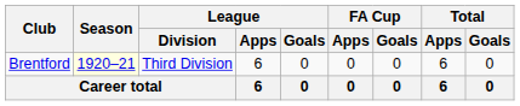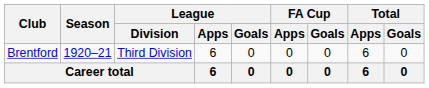 <table class="wikitable" style="text-align: center;">
 <tr>
 <th rowspan="2">Club</th>
 <th rowspan="2">Season</th>
 <th colspan="3">League</th>
 <th colspan="2">FA Cup</th>
 <th colspan="2">Total</th>
 </tr>
 <tr>
 <th>Division</th>
 <th>Apps</th>
 <th>Goals</th>
 <th>Apps</th>
 <th>Goals</th>
 <th>Apps</th>
 <th>Goals</th>
 </tr>
 <tr>
 <td><a href='#'>Brentford</a></td>
-<td style="background: lightyellow;"><a href='#'>1920–21</a></td>
+<td><a href='#'>1920–21</a></td>
 <td><a href='#'>Third Division</a></td>
 <td>6</td>
 <td>0</td>
 <td>0</td>
 <td>0</td>
 <td>6</td>
 <td>0</td>
 </tr>
 <tr>
 <th colspan="3">Career total</th>
 <th>6</th>
 <th>0</th>
 <th>0</th>
 <th>0</th>
 <th>6</th>
 <th>0</th>
 </tr>
 </table>
